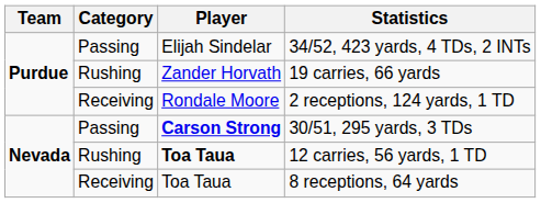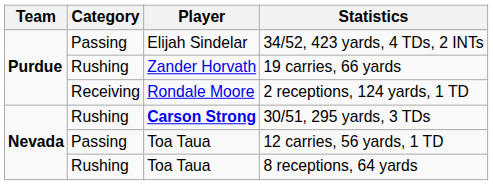 <table class="wikitable" style="float: left;">
 <tr>
 <th>Team</th>
 <th>Category</th>
 <th>Player</th>
 <th>Statistics</th>
 </tr>
 <tr>
 <td rowspan=3><strong>Purdue</strong></td>
 <td>Passing</td>
 <td>Elijah Sindelar</td>
 <td>34/52, 423 yards, 4 TDs, 2 INTs</td>
 </tr>
 <tr>
 <td>Rushing</td>
 <td><a href='#'>Zander Horvath</a></td>
 <td>19 carries, 66 yards</td>
 </tr>
 <tr>
 <td>Receiving</td>
 <td><a href='#'>Rondale Moore</a></td>
 <td>2 receptions, 124 yards, 1 TD</td>
 </tr>
 <tr>
 <td rowspan=3><strong>Nevada</strong></td>
-<td>Passing</td>
+<td>Rushing</td>
 <td><strong><a href='#'>Carson Strong</a></strong></td>
 <td>30/51, 295 yards, 3 TDs</td>
 </tr>
 <tr>
-<td>Rushing</td>
-<td><strong>Toa Taua</strong></td>
+<td>Passing</td>
+<td>Toa Taua</td>
 <td>12 carries, 56 yards, 1 TD</td>
 </tr>
 <tr>
-<td>Receiving</td>
+<td>Rushing</td>
 <td>Toa Taua</td>
 <td>8 receptions, 64 yards</td>
 </tr>
 </table>
